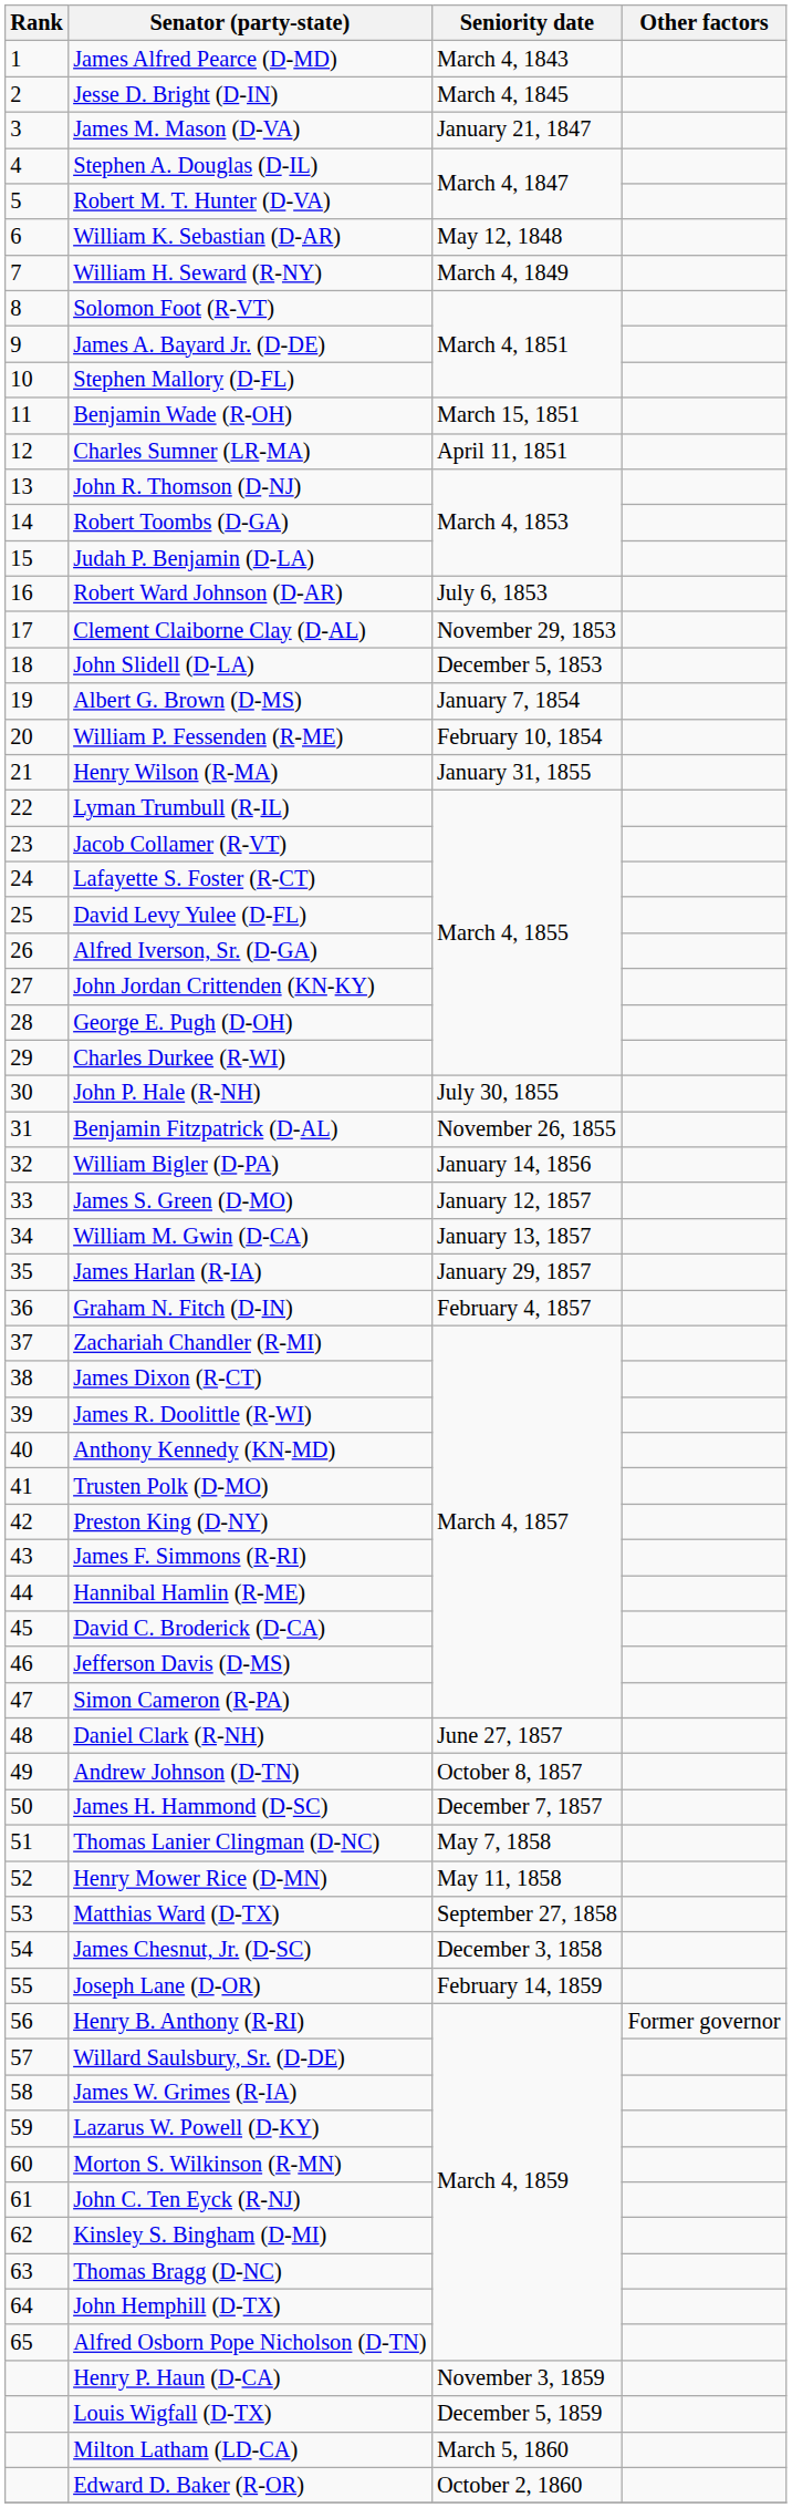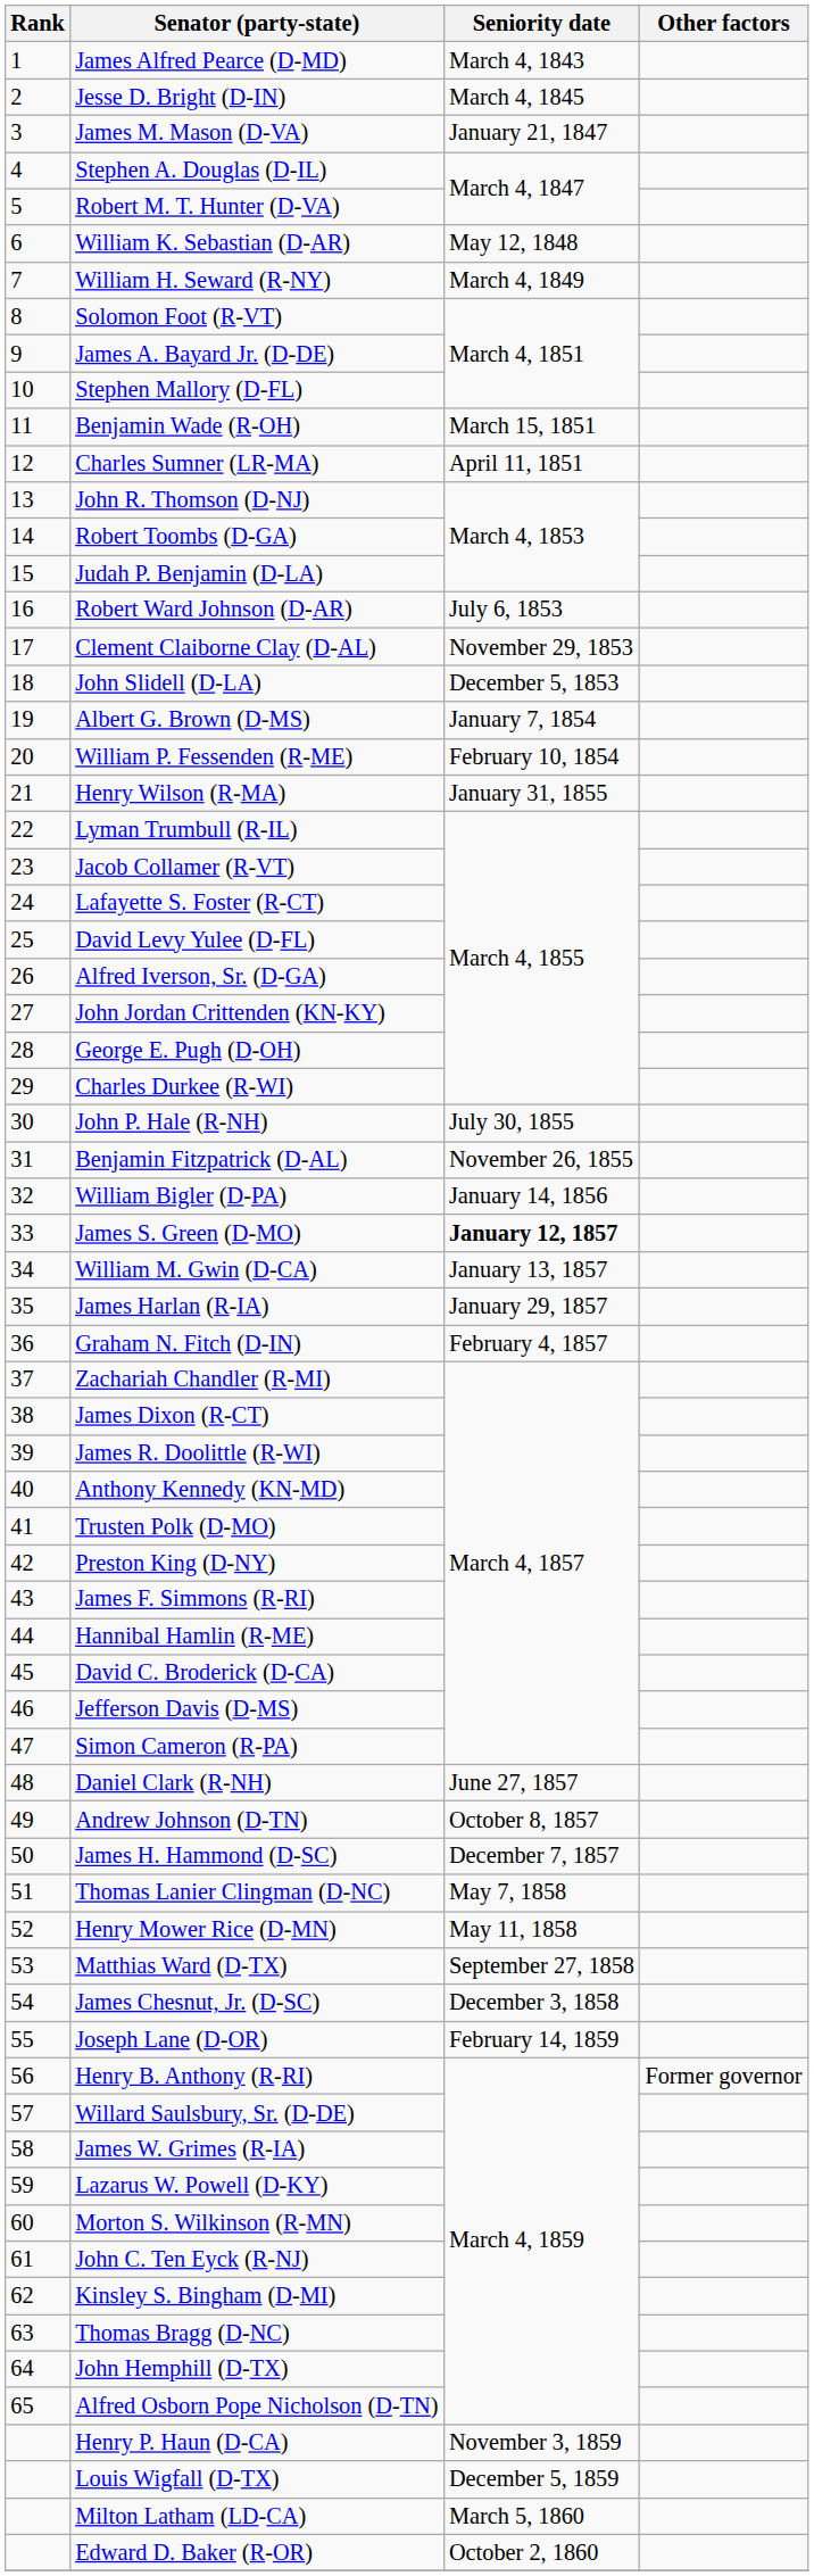 <table class=wikitable>
 <tr valign=bottom>
 <th>Rank</th>
 <th>Senator (party-state)</th>
 <th>Seniority date</th>
 <th>Other factors</th>
 </tr>
 <tr>
 <td>1</td>
 <td><a href='#'>James Alfred Pearce</a> (<a href='#'>D</a>-<a href='#'>MD</a>)</td>
 <td>March 4, 1843</td>
 <td></td>
 </tr>
 <tr>
 <td>2</td>
 <td><a href='#'>Jesse D. Bright</a> (<a href='#'>D</a>-<a href='#'>IN</a>)</td>
 <td>March 4, 1845</td>
 <td></td>
 </tr>
 <tr>
 <td>3</td>
 <td><a href='#'>James M. Mason</a> (<a href='#'>D</a>-<a href='#'>VA</a>)</td>
 <td>January 21, 1847</td>
 <td></td>
 </tr>
 <tr>
 <td>4</td>
 <td><a href='#'>Stephen A. Douglas</a> (<a href='#'>D</a>-<a href='#'>IL</a>)</td>
 <td rowspan=2>March 4, 1847</td>
 <td></td>
 </tr>
 <tr>
 <td>5</td>
 <td><a href='#'>Robert M. T. Hunter</a> (<a href='#'>D</a>-<a href='#'>VA</a>)</td>
 <td></td>
 </tr>
 <tr>
 <td>6</td>
 <td><a href='#'>William K. Sebastian</a> (<a href='#'>D</a>-<a href='#'>AR</a>)</td>
 <td>May 12, 1848</td>
 <td></td>
 </tr>
 <tr>
 <td>7</td>
 <td><a href='#'>William H. Seward</a> (<a href='#'>R</a>-<a href='#'>NY</a>)</td>
 <td>March 4, 1849</td>
 <td></td>
 </tr>
 <tr>
 <td>8</td>
 <td><a href='#'>Solomon Foot</a> (<a href='#'>R</a>-<a href='#'>VT</a>)</td>
 <td rowspan=3>March 4, 1851</td>
 <td></td>
 </tr>
 <tr>
 <td>9</td>
 <td><a href='#'>James A. Bayard Jr.</a> (<a href='#'>D</a>-<a href='#'>DE</a>)</td>
 <td></td>
 </tr>
 <tr>
 <td>10</td>
 <td><a href='#'>Stephen Mallory</a> (<a href='#'>D</a>-<a href='#'>FL</a>)</td>
 <td></td>
 </tr>
 <tr>
 <td>11</td>
 <td><a href='#'>Benjamin Wade</a> (<a href='#'>R</a>-<a href='#'>OH</a>)</td>
 <td>March 15, 1851</td>
 <td></td>
 </tr>
 <tr>
 <td>12</td>
 <td><a href='#'>Charles Sumner</a> (<a href='#'>LR</a>-<a href='#'>MA</a>)</td>
 <td>April 11, 1851</td>
 <td></td>
 </tr>
 <tr>
 <td>13</td>
 <td><a href='#'>John R. Thomson</a> (<a href='#'>D</a>-<a href='#'>NJ</a>)</td>
 <td rowspan=3>March 4, 1853</td>
 <td></td>
 </tr>
 <tr>
 <td>14</td>
 <td><a href='#'>Robert Toombs</a> (<a href='#'>D</a>-<a href='#'>GA</a>)</td>
 <td></td>
 </tr>
 <tr>
 <td>15</td>
 <td><a href='#'>Judah P. Benjamin</a> (<a href='#'>D</a>-<a href='#'>LA</a>)</td>
 <td></td>
 </tr>
 <tr>
 <td>16</td>
 <td><a href='#'>Robert Ward Johnson</a> (<a href='#'>D</a>-<a href='#'>AR</a>)</td>
 <td>July 6, 1853</td>
 <td></td>
 </tr>
 <tr>
 <td>17</td>
 <td><a href='#'>Clement Claiborne Clay</a> (<a href='#'>D</a>-<a href='#'>AL</a>)</td>
 <td>November 29, 1853</td>
 <td></td>
 </tr>
 <tr>
 <td>18</td>
 <td><a href='#'>John Slidell</a> (<a href='#'>D</a>-<a href='#'>LA</a>)</td>
 <td>December 5, 1853</td>
 <td></td>
 </tr>
 <tr>
 <td>19</td>
 <td><a href='#'>Albert G. Brown</a> (<a href='#'>D</a>-<a href='#'>MS</a>)</td>
 <td>January 7, 1854</td>
 <td></td>
 </tr>
 <tr>
 <td>20</td>
 <td><a href='#'>William P. Fessenden</a> (<a href='#'>R</a>-<a href='#'>ME</a>)</td>
 <td>February 10, 1854</td>
 <td></td>
 </tr>
 <tr>
 <td>21</td>
 <td><a href='#'>Henry Wilson</a> (<a href='#'>R</a>-<a href='#'>MA</a>)</td>
 <td>January 31, 1855</td>
 <td></td>
 </tr>
 <tr>
 <td>22</td>
 <td><a href='#'>Lyman Trumbull</a> (<a href='#'>R</a>-<a href='#'>IL</a>)</td>
 <td rowspan=8>March 4, 1855</td>
 <td></td>
 </tr>
 <tr>
 <td>23</td>
 <td><a href='#'>Jacob Collamer</a> (<a href='#'>R</a>-<a href='#'>VT</a>)</td>
 <td></td>
 </tr>
 <tr>
 <td>24</td>
 <td><a href='#'>Lafayette S. Foster</a> (<a href='#'>R</a>-<a href='#'>CT</a>)</td>
 <td></td>
 </tr>
 <tr>
 <td>25</td>
 <td><a href='#'>David Levy Yulee</a> (<a href='#'>D</a>-<a href='#'>FL</a>)</td>
 <td></td>
 </tr>
 <tr>
 <td>26</td>
 <td><a href='#'>Alfred Iverson, Sr.</a> (<a href='#'>D</a>-<a href='#'>GA</a>)</td>
 <td></td>
 </tr>
 <tr>
 <td>27</td>
 <td><a href='#'>John Jordan Crittenden</a> (<a href='#'>KN</a>-<a href='#'>KY</a>)</td>
 <td></td>
 </tr>
 <tr>
 <td>28</td>
 <td><a href='#'>George E. Pugh</a> (<a href='#'>D</a>-<a href='#'>OH</a>)</td>
 <td></td>
 </tr>
 <tr>
 <td>29</td>
 <td><a href='#'>Charles Durkee</a> (<a href='#'>R</a>-<a href='#'>WI</a>)</td>
 <td></td>
 </tr>
 <tr>
 <td>30</td>
 <td><a href='#'>John P. Hale</a> (<a href='#'>R</a>-<a href='#'>NH</a>)</td>
 <td>July 30, 1855</td>
 <td></td>
 </tr>
 <tr>
 <td>31</td>
 <td><a href='#'>Benjamin Fitzpatrick</a> (<a href='#'>D</a>-<a href='#'>AL</a>)</td>
 <td>November 26, 1855</td>
 <td></td>
 </tr>
 <tr>
 <td>32</td>
 <td><a href='#'>William Bigler</a> (<a href='#'>D</a>-<a href='#'>PA</a>)</td>
 <td>January 14, 1856</td>
 <td></td>
 </tr>
 <tr>
 <td>33</td>
 <td><a href='#'>James S. Green</a> (<a href='#'>D</a>-<a href='#'>MO</a>)</td>
-<td>January 12, 1857</td>
+<td><strong>January 12, 1857</strong></td>
 <td></td>
 </tr>
 <tr>
 <td>34</td>
 <td><a href='#'>William M. Gwin</a> (<a href='#'>D</a>-<a href='#'>CA</a>)</td>
 <td>January 13, 1857</td>
 <td></td>
 </tr>
 <tr>
 <td>35</td>
 <td><a href='#'>James Harlan</a> (<a href='#'>R</a>-<a href='#'>IA</a>)</td>
 <td>January 29, 1857</td>
 <td></td>
 </tr>
 <tr>
 <td>36</td>
 <td><a href='#'>Graham N. Fitch</a> (<a href='#'>D</a>-<a href='#'>IN</a>)</td>
 <td>February 4, 1857</td>
 <td></td>
 </tr>
 <tr>
 <td>37</td>
 <td><a href='#'>Zachariah Chandler</a> (<a href='#'>R</a>-<a href='#'>MI</a>)</td>
 <td rowspan=11>March 4, 1857</td>
 <td></td>
 </tr>
 <tr>
 <td>38</td>
 <td><a href='#'>James Dixon</a> (<a href='#'>R</a>-<a href='#'>CT</a>)</td>
 <td></td>
 </tr>
 <tr>
 <td>39</td>
 <td><a href='#'>James R. Doolittle</a> (<a href='#'>R</a>-<a href='#'>WI</a>)</td>
 <td></td>
 </tr>
 <tr>
 <td>40</td>
 <td><a href='#'>Anthony Kennedy</a> (<a href='#'>KN</a>-<a href='#'>MD</a>)</td>
 <td></td>
 </tr>
 <tr>
 <td>41</td>
 <td><a href='#'>Trusten Polk</a> (<a href='#'>D</a>-<a href='#'>MO</a>)</td>
 <td></td>
 </tr>
 <tr>
 <td>42</td>
 <td><a href='#'>Preston King</a> (<a href='#'>D</a>-<a href='#'>NY</a>)</td>
 <td></td>
 </tr>
 <tr>
 <td>43</td>
 <td><a href='#'>James F. Simmons</a> (<a href='#'>R</a>-<a href='#'>RI</a>)</td>
 <td></td>
 </tr>
 <tr>
 <td>44</td>
 <td><a href='#'>Hannibal Hamlin</a> (<a href='#'>R</a>-<a href='#'>ME</a>)</td>
 <td></td>
 </tr>
 <tr>
 <td>45</td>
 <td><a href='#'>David C. Broderick</a> (<a href='#'>D</a>-<a href='#'>CA</a>)</td>
 <td></td>
 </tr>
 <tr>
 <td>46</td>
 <td><a href='#'>Jefferson Davis</a> (<a href='#'>D</a>-<a href='#'>MS</a>)</td>
 <td></td>
 </tr>
 <tr>
 <td>47</td>
 <td><a href='#'>Simon Cameron</a> (<a href='#'>R</a>-<a href='#'>PA</a>)</td>
 <td></td>
 </tr>
 <tr>
 <td>48</td>
 <td><a href='#'>Daniel Clark</a> (<a href='#'>R</a>-<a href='#'>NH</a>)</td>
 <td>June 27, 1857</td>
 <td></td>
 </tr>
 <tr>
 <td>49</td>
 <td><a href='#'>Andrew Johnson</a> (<a href='#'>D</a>-<a href='#'>TN</a>)</td>
 <td>October 8, 1857</td>
 <td></td>
 </tr>
 <tr>
 <td>50</td>
 <td><a href='#'>James H. Hammond</a> (<a href='#'>D</a>-<a href='#'>SC</a>)</td>
 <td>December 7, 1857</td>
 <td></td>
 </tr>
 <tr>
 <td>51</td>
 <td><a href='#'>Thomas Lanier Clingman</a> (<a href='#'>D</a>-<a href='#'>NC</a>)</td>
 <td>May 7, 1858</td>
 <td></td>
 </tr>
 <tr>
 <td>52</td>
 <td><a href='#'>Henry Mower Rice</a> (<a href='#'>D</a>-<a href='#'>MN</a>)</td>
 <td>May 11, 1858</td>
 <td></td>
 </tr>
 <tr>
 <td>53</td>
 <td><a href='#'>Matthias Ward</a> (<a href='#'>D</a>-<a href='#'>TX</a>)</td>
 <td>September 27, 1858</td>
 <td></td>
 </tr>
 <tr>
 <td>54</td>
 <td><a href='#'>James Chesnut, Jr.</a> (<a href='#'>D</a>-<a href='#'>SC</a>)</td>
 <td>December 3, 1858</td>
 <td></td>
 </tr>
 <tr>
 <td>55</td>
 <td><a href='#'>Joseph Lane</a> (<a href='#'>D</a>-<a href='#'>OR</a>)</td>
 <td>February 14, 1859</td>
 <td></td>
 </tr>
 <tr>
 <td>56</td>
 <td><a href='#'>Henry B. Anthony</a> (<a href='#'>R</a>-<a href='#'>RI</a>)</td>
 <td rowspan=10>March 4, 1859</td>
 <td>Former governor</td>
 </tr>
 <tr>
 <td>57</td>
 <td><a href='#'>Willard Saulsbury, Sr.</a> (<a href='#'>D</a>-<a href='#'>DE</a>)</td>
 <td></td>
 </tr>
 <tr>
 <td>58</td>
 <td><a href='#'>James W. Grimes</a> (<a href='#'>R</a>-<a href='#'>IA</a>)</td>
 <td></td>
 </tr>
 <tr>
 <td>59</td>
 <td><a href='#'>Lazarus W. Powell</a> (<a href='#'>D</a>-<a href='#'>KY</a>)</td>
 <td></td>
 </tr>
 <tr>
 <td>60</td>
 <td><a href='#'>Morton S. Wilkinson</a> (<a href='#'>R</a>-<a href='#'>MN</a>)</td>
 <td></td>
 </tr>
 <tr>
 <td>61</td>
 <td><a href='#'>John C. Ten Eyck</a> (<a href='#'>R</a>-<a href='#'>NJ</a>)</td>
 <td></td>
 </tr>
 <tr>
 <td>62</td>
 <td><a href='#'>Kinsley S. Bingham</a> (<a href='#'>D</a>-<a href='#'>MI</a>)</td>
 <td></td>
 </tr>
 <tr>
 <td>63</td>
 <td><a href='#'>Thomas Bragg</a> (<a href='#'>D</a>-<a href='#'>NC</a>)</td>
 <td></td>
 </tr>
 <tr>
 <td>64</td>
 <td><a href='#'>John Hemphill</a> (<a href='#'>D</a>-<a href='#'>TX</a>)</td>
 <td></td>
 </tr>
 <tr>
 <td>65</td>
 <td><a href='#'>Alfred Osborn Pope Nicholson</a> (<a href='#'>D</a>-<a href='#'>TN</a>)</td>
 <td></td>
 </tr>
 <tr>
 <td></td>
 <td><a href='#'>Henry P. Haun</a> (<a href='#'>D</a>-<a href='#'>CA</a>)</td>
 <td>November 3, 1859</td>
 <td></td>
 </tr>
 <tr>
 <td></td>
 <td><a href='#'>Louis Wigfall</a> (<a href='#'>D</a>-<a href='#'>TX</a>)</td>
 <td>December 5, 1859</td>
 <td></td>
 </tr>
 <tr>
 <td></td>
 <td><a href='#'>Milton Latham</a> (<a href='#'>LD</a>-<a href='#'>CA</a>)</td>
 <td>March 5, 1860</td>
 <td></td>
 </tr>
 <tr>
 <td></td>
 <td><a href='#'>Edward D. Baker</a> (<a href='#'>R</a>-<a href='#'>OR</a>)</td>
 <td>October 2, 1860</td>
 <td></td>
 </tr>
 <tr>
 </tr>
 </table>
